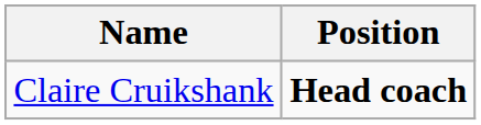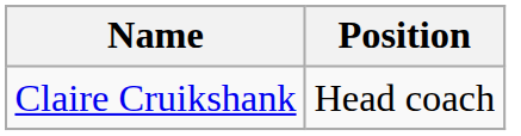 <table class="wikitable">
 <tr>
 <th>Name</th>
 <th>Position</th>
 </tr>
 <tr>
 <td> <a href='#'>Claire Cruikshank</a></td>
-<td><strong>Head coach</strong></td>
+<td>Head coach</td>
 </tr>
 </table>
